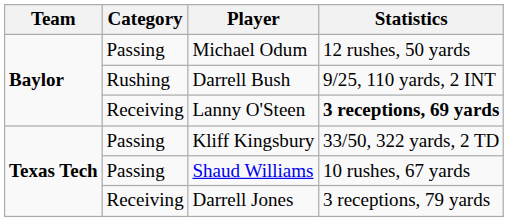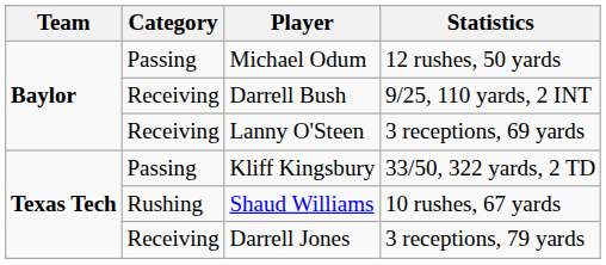 <table class="wikitable" style="float: left;">
 <tr>
 <th>Team</th>
 <th>Category</th>
 <th>Player</th>
 <th>Statistics</th>
 </tr>
 <tr>
 <td rowspan=3><strong>Baylor</strong></td>
 <td>Passing</td>
 <td>Michael Odum</td>
 <td>12 rushes, 50 yards</td>
 </tr>
 <tr>
-<td>Rushing</td>
+<td>Receiving</td>
 <td>Darrell Bush</td>
 <td>9/25, 110 yards, 2 INT</td>
 </tr>
 <tr>
 <td>Receiving</td>
 <td>Lanny O'Steen</td>
-<td><strong>3 receptions, 69 yards</strong></td>
+<td>3 receptions, 69 yards</td>
 </tr>
 <tr>
 <td rowspan=3><strong>Texas Tech</strong></td>
 <td>Passing</td>
 <td>Kliff Kingsbury</td>
 <td>33/50, 322 yards, 2 TD</td>
 </tr>
 <tr>
-<td>Passing</td>
+<td>Rushing</td>
 <td><a href='#'>Shaud Williams</a></td>
 <td>10 rushes, 67 yards</td>
 </tr>
 <tr>
 <td>Receiving</td>
 <td>Darrell Jones</td>
 <td>3 receptions, 79 yards</td>
 </tr>
 </table>
